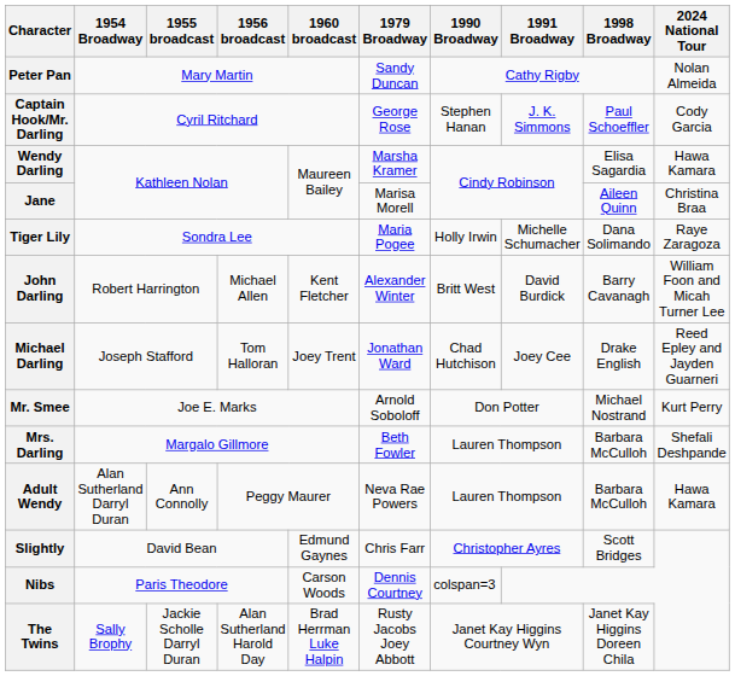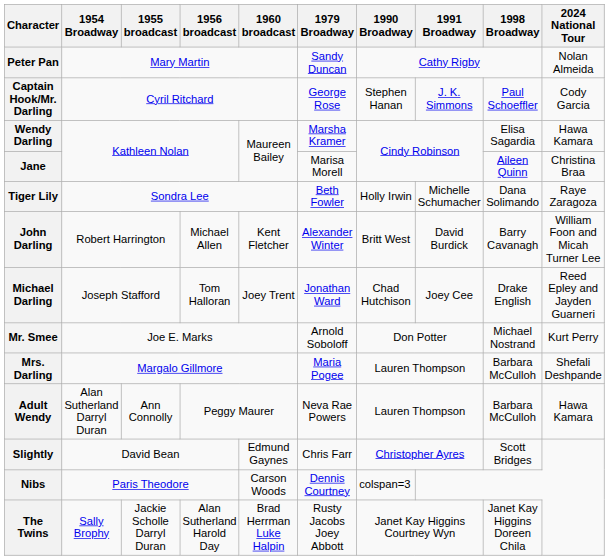 <table class="wikitable">
 <tr>
 <th>Character</th>
 <th>1954 Broadway</th>
 <th>1955 broadcast</th>
 <th>1956 broadcast</th>
 <th>1960 broadcast</th>
 <th>1979 Broadway</th>
 <th>1990 Broadway</th>
 <th>1991 Broadway</th>
 <th>1998 Broadway</th>
 <th>2024 National Tour</th>
 </tr>
 <tr>
 <th>Peter Pan</th>
 <td colspan=4 align=center><a href='#'>Mary Martin</a></td>
 <td colspan=1 align=center><a href='#'>Sandy Duncan</a></td>
 <td colspan=3 align=center><a href='#'>Cathy Rigby</a></td>
 <td colspan=3 align=center>Nolan Almeida</td>
 </tr>
 <tr>
 <th>Captain Hook/Mr. Darling</th>
 <td colspan=4 align=center><a href='#'>Cyril Ritchard</a></td>
 <td colspan=1 align=center><a href='#'>George Rose</a></td>
 <td colspan=1 align=center>Stephen Hanan</td>
 <td colspan=1 align=center><a href='#'>J. K. Simmons</a></td>
 <td colspan=1 align=center><a href='#'>Paul Schoeffler</a></td>
 <td colspan=1 align=center>Cody Garcia</td>
 </tr>
 <tr>
 <th>Wendy Darling</th>
 <td rowspan=2 colspan=3 align=center><a href='#'>Kathleen Nolan</a></td>
 <td rowspan=2 colspan=1 align=center>Maureen Bailey</td>
 <td colspan=1 align=center><a href='#'>Marsha Kramer</a></td>
 <td rowspan=2 colspan=2 align=center><a href='#'>Cindy Robinson</a></td>
 <td colspan=1 align=center>Elisa Sagardia</td>
 <td colspan=1 align=center>Hawa Kamara</td>
 </tr>
 <tr>
 <th>Jane</th>
 <td colspan=1 align=center>Marisa Morell</td>
 <td colspan=1 align=center><a href='#'>Aileen Quinn</a></td>
 <td colspan=1 align=center>Christina Braa</td>
 </tr>
 <tr>
 <th>Tiger Lily</th>
 <td colspan=4 align=center><a href='#'>Sondra Lee</a></td>
-<td colspan=1 align=center><a href='#'>Maria Pogee</a></td>
+<td colspan=1 align=center><a href='#'>Beth Fowler</a></td>
 <td colspan=1 align=center>Holly Irwin</td>
 <td colspan=1 align=center>Michelle Schumacher</td>
 <td colspan=1 align=center>Dana Solimando</td>
 <td colspan=1 align=center>Raye Zaragoza</td>
 </tr>
 <tr>
 <th>John Darling</th>
 <td colspan=2 align=center>Robert Harrington</td>
 <td colspan=1 align=center>Michael Allen</td>
 <td colspan=1 align=center>Kent Fletcher</td>
 <td colspan=1 align=center><a href='#'>Alexander Winter</a></td>
 <td colspan=1 align=center>Britt West</td>
 <td colspan=1 align=center>David Burdick</td>
 <td colspan=1 align=center>Barry Cavanagh</td>
 <td colspan=1 align=center>William Foon and Micah Turner Lee</td>
 </tr>
 <tr>
 <th>Michael Darling</th>
 <td colspan=2 align=center>Joseph Stafford</td>
 <td colspan=1 align=center>Tom Halloran</td>
 <td colspan=1 align=center>Joey Trent</td>
 <td colspan=1 align=center><a href='#'>Jonathan Ward</a></td>
 <td colspan=1 align=center>Chad Hutchison</td>
 <td colspan=1 align=center>Joey Cee</td>
 <td colspan=1 align=center>Drake English</td>
 <td colspan=1 align=center>Reed Epley and Jayden Guarneri</td>
 </tr>
 <tr>
 <th>Mr. Smee</th>
 <td colspan=4 align=center>Joe E. Marks</td>
 <td colspan=1 align=center>Arnold Soboloff</td>
 <td colspan=2 align=center>Don Potter</td>
 <td colspan=1 align=center>Michael Nostrand</td>
 <td colspan=1 align=center>Kurt Perry</td>
 </tr>
 <tr>
 <th>Mrs. Darling</th>
 <td colspan=4 align=center><a href='#'>Margalo Gillmore</a></td>
-<td colspan=1 align=center><a href='#'>Beth Fowler</a></td>
+<td colspan=1 align=center><a href='#'>Maria Pogee</a></td>
 <td colspan=2 align=center>Lauren Thompson</td>
 <td colspan=1 align=center>Barbara McCulloh</td>
 <td colspan=1 align=center>Shefali Deshpande</td>
 </tr>
 <tr>
 <th>Adult Wendy</th>
 <td colspan=1 align=center>Alan Sutherland<br>Darryl Duran</td>
 <td colspan=1 align=center>Ann Connolly</td>
 <td colspan=2 align=center>Peggy Maurer</td>
 <td colspan=1 align=center>Neva Rae Powers</td>
 <td colspan=2 align=center>Lauren Thompson</td>
 <td colspan=1 align=center>Barbara McCulloh</td>
 <td colspan=1 align=center>Hawa Kamara</td>
 </tr>
 <tr>
 <th>Slightly</th>
 <td colspan=3 align=center>David Bean</td>
 <td colspan=1 align=center>Edmund Gaynes</td>
 <td colspan=1 align=center>Chris Farr</td>
 <td colspan=2 align=center><a href='#'>Christopher Ayres</a></td>
 <td colspan=1 align=center>Scott Bridges</td>
 </tr>
 <tr>
 <th>Nibs</th>
 <td colspan=3 align=center><a href='#'>Paris Theodore</a></td>
 <td colspan=1 align=center>Carson Woods</td>
 <td colspan=1 align=center><a href='#'>Dennis Courtney</a></td>
 <td>colspan=3 </td>
 </tr>
 <tr>
 <th>The Twins</th>
 <td colspan=1 align=center><a href='#'>Sally Brophy</a></td>
 <td colspan=1 align=center>Jackie Scholle<br>Darryl Duran</td>
 <td colspan=1 align=center>Alan Sutherland<br>Harold Day</td>
 <td colspan=1 align=center>Brad Herrman<br><a href='#'>Luke Halpin</a></td>
 <td colspan=1 align=center>Rusty Jacobs<br>Joey Abbott</td>
 <td colspan=2 align=center>Janet Kay Higgins<br>Courtney Wyn</td>
 <td colspan=1 align=center>Janet Kay Higgins<br>Doreen Chila</td>
 </tr>
 </table>
